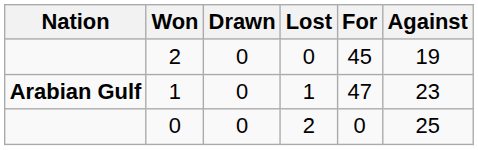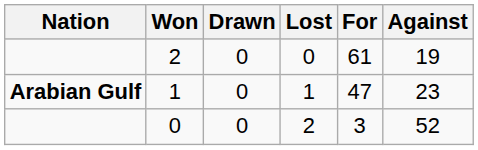 <table class="wikitable" style="text-align: center;">
 <tr>
 <th>Nation</th>
 <th>Won</th>
 <th>Drawn</th>
 <th>Lost</th>
 <th>For</th>
 <th>Against</th>
 </tr>
 <tr>
 <td align=left></td>
 <td>2</td>
 <td>0</td>
 <td>0</td>
-<td>45</td>
+<td>61</td>
 <td>19</td>
 </tr>
 <tr>
 <td align=left><strong> Arabian Gulf</strong></td>
 <td>1</td>
 <td>0</td>
 <td>1</td>
 <td>47</td>
 <td>23</td>
 </tr>
 <tr>
 <td align=left></td>
 <td>0</td>
 <td>0</td>
 <td>2</td>
-<td>0</td>
-<td>25</td>
+<td>3</td>
+<td>52</td>
 </tr>
 </table>
